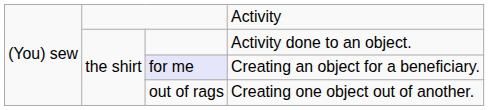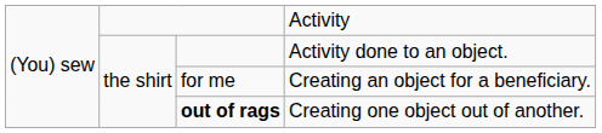 <table class="wikitable">
 <tr>
 <td rowspan="4">(You) sew</td>
 <td colspan="2"></td>
 <td>Activity</td>
 </tr>
 <tr>
 <td rowspan="3">the shirt</td>
 <td></td>
 <td>Activity done to an object.</td>
 </tr>
 <tr>
-<td style="background: lavender;">for me</td>
+<td>for me</td>
 <td>Creating an object for a beneficiary.</td>
 </tr>
 <tr>
-<td>out of rags</td>
+<td><strong>out of rags</strong></td>
 <td>Creating one object out of another.</td>
 </tr>
 </table>
